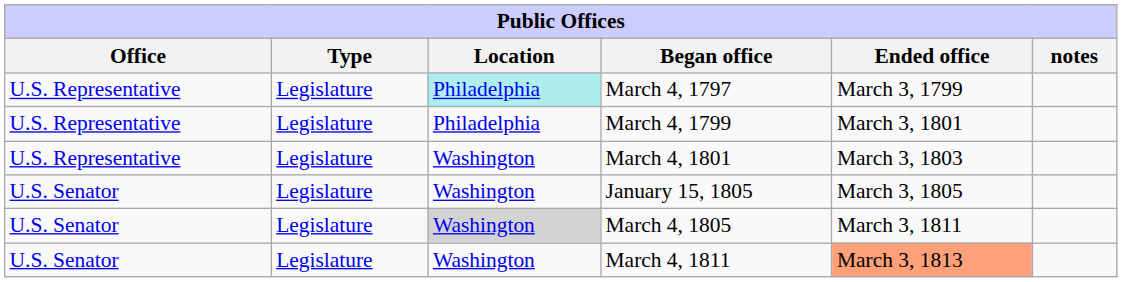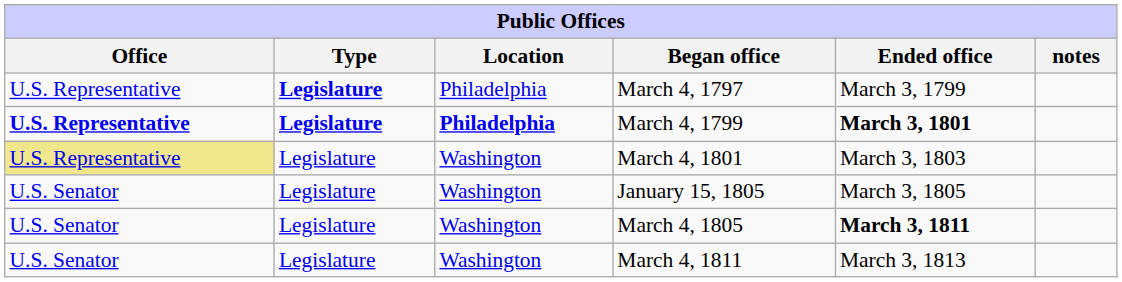 <table class=wikitable style="width: 94%" style="text-align: center;" align="center">
 <tr bgcolor=#cccccc>
 <th colspan=7 style="background: #ccccff;">Public Offices</th>
 </tr>
 <tr>
 <th><strong>Office</strong></th>
 <th><strong>Type</strong></th>
 <th><strong>Location</strong></th>
 <th><strong>Began office</strong></th>
 <th><strong>Ended office</strong></th>
 <th><strong>notes</strong></th>
 </tr>
 <tr>
 <td><a href='#'>U.S. Representative</a></td>
-<td><a href='#'>Legislature</a></td>
-<td style="background: paleturquoise;"><a href='#'>Philadelphia</a></td>
+<td><strong><a href='#'>Legislature</a></strong></td>
+<td><a href='#'>Philadelphia</a></td>
 <td>March 4, 1797</td>
 <td>March 3, 1799</td>
 <td></td>
 </tr>
 <tr>
-<td><a href='#'>U.S. Representative</a></td>
-<td><a href='#'>Legislature</a></td>
-<td><a href='#'>Philadelphia</a></td>
+<td><strong><a href='#'>U.S. Representative</a></strong></td>
+<td><strong><a href='#'>Legislature</a></strong></td>
+<td><strong><a href='#'>Philadelphia</a></strong></td>
 <td>March 4, 1799</td>
-<td>March 3, 1801</td>
+<td><strong>March 3, 1801</strong></td>
 <td></td>
 </tr>
 <tr>
-<td><a href='#'>U.S. Representative</a></td>
+<td style="background: khaki;"><a href='#'>U.S. Representative</a></td>
 <td><a href='#'>Legislature</a></td>
 <td><a href='#'>Washington</a></td>
 <td>March 4, 1801</td>
 <td>March 3, 1803</td>
 <td></td>
 </tr>
 <tr>
 <td><a href='#'>U.S. Senator</a></td>
 <td><a href='#'>Legislature</a></td>
 <td><a href='#'>Washington</a></td>
 <td>January 15, 1805</td>
 <td>March 3, 1805</td>
 <td></td>
 </tr>
 <tr>
 <td><a href='#'>U.S. Senator</a></td>
 <td><a href='#'>Legislature</a></td>
-<td style="background: lightgrey;"><a href='#'>Washington</a></td>
+<td><a href='#'>Washington</a></td>
 <td>March 4, 1805</td>
-<td>March 3, 1811</td>
+<td><strong>March 3, 1811</strong></td>
 <td></td>
 </tr>
 <tr>
 <td><a href='#'>U.S. Senator</a></td>
 <td><a href='#'>Legislature</a></td>
 <td><a href='#'>Washington</a></td>
 <td>March 4, 1811</td>
-<td style="background: lightsalmon;">March 3, 1813</td>
+<td>March 3, 1813</td>
 <td></td>
 </tr>
 </table>
